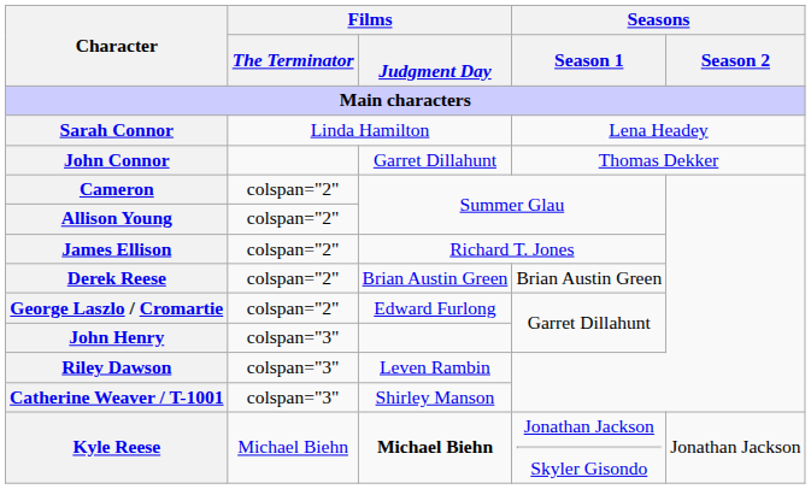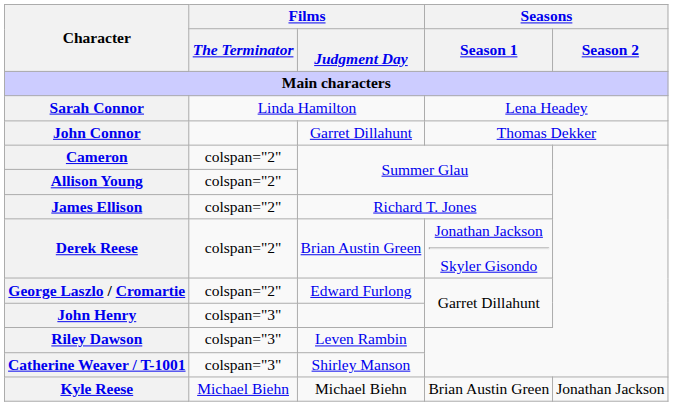 <table class="wikitable" style="text-align:center; width:auto">
 <tr>
 <th scope="col" rowspan="2">Character</th>
 <th scope="col" colspan="2"><a href='#'>Films</a></th>
 <th scope="col" colspan="2"><a href='#'>Seasons</a></th>
 </tr>
 <tr>
 <th scope="col"><em><a href='#'>The Terminator</a></em></th>
 <th scope="col"><a href='#'><em><br>Judgment Day</em></a></th>
 <th scope="col"><a href='#'>Season 1</a></th>
 <th scope="col"><a href='#'>Season 2</a></th>
 </tr>
 <tr>
 <th colspan="5" style="background-color:#ccccff;">Main characters</th>
 </tr>
 <tr>
 <th scope="row"><a href='#'>Sarah Connor</a></th>
 <td colspan="2"><a href='#'>Linda Hamilton</a></td>
 <td colspan="2"><a href='#'>Lena Headey</a></td>
 </tr>
 <tr>
 <th scope="row"><a href='#'>John Connor</a></th>
 <td></td>
 <td><a href='#'>Garret Dillahunt</a></td>
 <td colspan="2"><a href='#'>Thomas Dekker</a></td>
 </tr>
 <tr>
 <th scope="row"><a href='#'>Cameron</a></th>
 <td>colspan="2" </td>
 <td rowspan="2" colspan="2"><a href='#'>Summer Glau</a></td>
 </tr>
 <tr>
 <th scope="row"><a href='#'>Allison Young</a></th>
 <td>colspan="2" </td>
 </tr>
 <tr>
 <th scope="row"><a href='#'>James Ellison</a></th>
 <td>colspan="2" </td>
 <td colspan="2"><a href='#'>Richard T. Jones</a></td>
 </tr>
 <tr>
 <th scope="row"><a href='#'>Derek Reese</a></th>
 <td>colspan="2" </td>
 <td><a href='#'>Brian Austin Green</a></td>
-<td>Brian Austin Green</td>
+<td><a href='#'>Jonathan Jackson</a><hr><a href='#'>Skyler Gisondo</a></td>
 </tr>
 <tr>
 <th scope="row"><a href='#'>George Laszlo</a> / <a href='#'>Cromartie</a></th>
 <td>colspan="2" </td>
 <td><a href='#'>Edward Furlong</a></td>
 <td rowspan="2">Garret Dillahunt</td>
 </tr>
 <tr>
 <th scope="row"><a href='#'>John Henry</a></th>
 <td>colspan="3" </td>
 </tr>
 <tr>
 <th scope="row"><a href='#'>Riley Dawson</a></th>
 <td>colspan="3" </td>
 <td><a href='#'>Leven Rambin</a></td>
 </tr>
 <tr>
 <th scope="row"><a href='#'>Catherine Weaver / T-1001</a></th>
 <td>colspan="3" </td>
 <td><a href='#'>Shirley Manson</a></td>
 </tr>
 <tr>
 <th scope="row"><a href='#'>Kyle Reese</a></th>
 <td><a href='#'>Michael Biehn</a></td>
-<td><strong>Michael Biehn</strong></td>
-<td><a href='#'>Jonathan Jackson</a><hr><a href='#'>Skyler Gisondo</a></td>
+<td>Michael Biehn</td>
+<td>Brian Austin Green</td>
 <td>Jonathan Jackson</td>
 </tr>
 </table>
